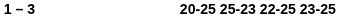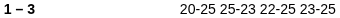 <table width=100% cellspacing=1>
 <tr>
 <th width=20%></th>
 <th width=12%></th>
 <th width=20%></th>
 <th width=33%></th>
 <td></td>
 </tr>
 <tr style=font-size:90%>
 <td align=right></td>
 <td align=center><strong>1 – 3</strong></td>
 <td><strong></strong></td>
-<td><strong>20-25 25-23 22-25 23-25</strong></td>
+<td>20-25 25-23 22-25 23-25</td>
 </tr>
 </table>
